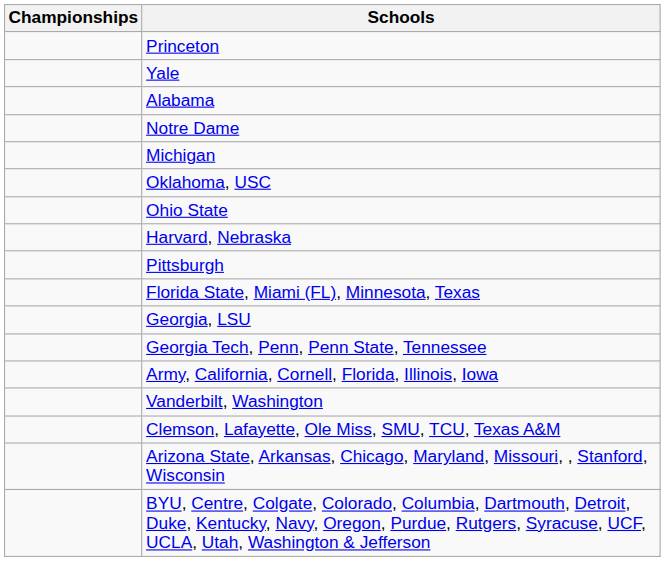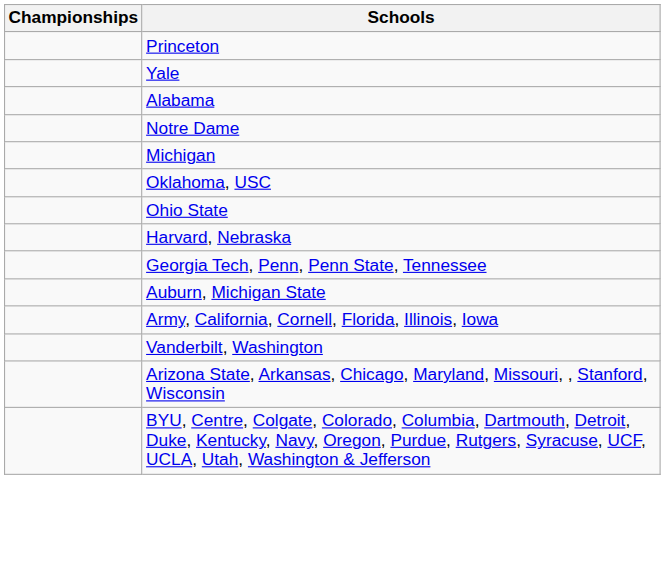 <table class="wikitable">
 <tr>
 <th width=px>Championships</th>
 <th width=px>Schools</th>
 </tr>
 <tr>
 <td></td>
 <td><a href='#'>Princeton</a></td>
 </tr>
 <tr>
 <td></td>
 <td><a href='#'>Yale</a></td>
 </tr>
 <tr>
 <td></td>
 <td><a href='#'>Alabama</a></td>
 </tr>
 <tr>
 <td></td>
 <td><a href='#'>Notre Dame</a></td>
 </tr>
 <tr>
 <td></td>
 <td><a href='#'>Michigan</a></td>
 </tr>
 <tr>
 <td></td>
 <td><a href='#'>Oklahoma</a>, <a href='#'>USC</a></td>
 </tr>
 <tr>
 <td></td>
 <td><a href='#'>Ohio State</a></td>
 </tr>
 <tr>
 <td></td>
 <td><a href='#'>Harvard</a>, <a href='#'>Nebraska</a></td>
 </tr>
 <tr>
 <td></td>
-<td><a href='#'>Pittsburgh</a></td>
+<td><a href='#'>Georgia Tech</a>, <a href='#'>Penn</a>, <a href='#'>Penn State</a>, <a href='#'>Tennessee</a></td>
 </tr>
 <tr>
 <td></td>
-<td><a href='#'>Florida State</a>, <a href='#'>Miami (FL)</a>, <a href='#'>Minnesota</a>, <a href='#'>Texas</a></td>
-</tr>
-<tr>
-<td></td>
-<td><a href='#'>Georgia</a>, <a href='#'>LSU</a></td>
-</tr>
-<tr>
-<td></td>
-<td><a href='#'>Georgia Tech</a>, <a href='#'>Penn</a>, <a href='#'>Penn State</a>, <a href='#'>Tennessee</a></td>
+<td><a href='#'>Auburn</a>, <a href='#'>Michigan State</a></td>
 </tr>
 <tr>
 <td></td>
 <td><a href='#'>Army</a>, <a href='#'>California</a>, <a href='#'>Cornell</a>, <a href='#'>Florida</a>, <a href='#'>Illinois</a>, <a href='#'>Iowa</a></td>
 </tr>
 <tr>
 <td></td>
 <td><a href='#'>Vanderbilt</a>,  <a href='#'>Washington</a></td>
 </tr>
 <tr>
 <td></td>
-<td><a href='#'>Clemson</a>, <a href='#'>Lafayette</a>, <a href='#'>Ole Miss</a>, <a href='#'>SMU</a>, <a href='#'>TCU</a>, <a href='#'>Texas A&M</a></td>
-</tr>
-<tr>
-<td></td>
 <td><a href='#'>Arizona State</a>, <a href='#'>Arkansas</a>, <a href='#'>Chicago</a>, <a href='#'>Maryland</a>, <a href='#'>Missouri</a>, , <a href='#'>Stanford</a>, <a href='#'>Wisconsin</a></td>
 </tr>
 <tr>
 <td></td>
 <td><a href='#'>BYU</a>, <a href='#'>Centre</a>, <a href='#'>Colgate</a>, <a href='#'>Colorado</a>, <a href='#'>Columbia</a>, <a href='#'>Dartmouth</a>, <a href='#'>Detroit</a>, <a href='#'>Duke</a>, <a href='#'>Kentucky</a>, <a href='#'>Navy</a>, <a href='#'>Oregon</a>, <a href='#'>Purdue</a>, <a href='#'>Rutgers</a>, <a href='#'>Syracuse</a>, <a href='#'>UCF</a>, <a href='#'>UCLA</a>, <a href='#'>Utah</a>, <a href='#'>Washington & Jefferson</a></td>
 </tr>
 </table>
